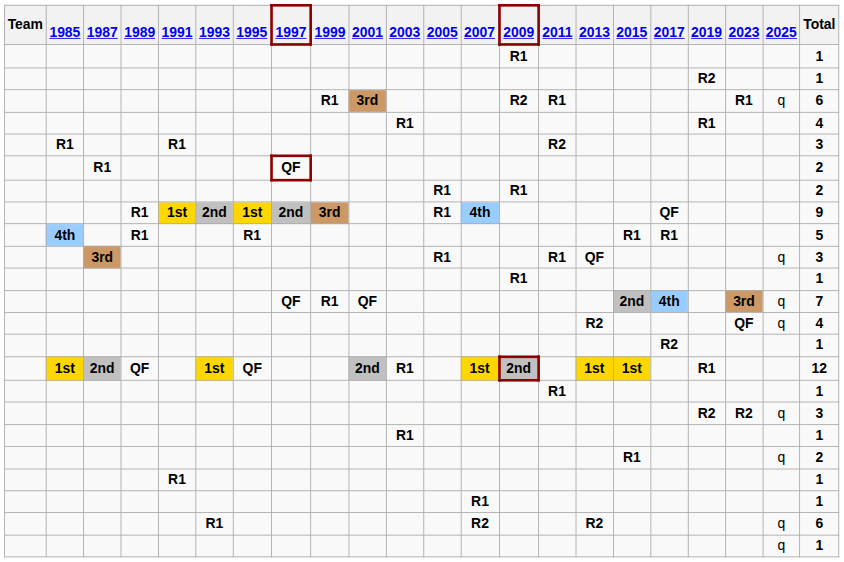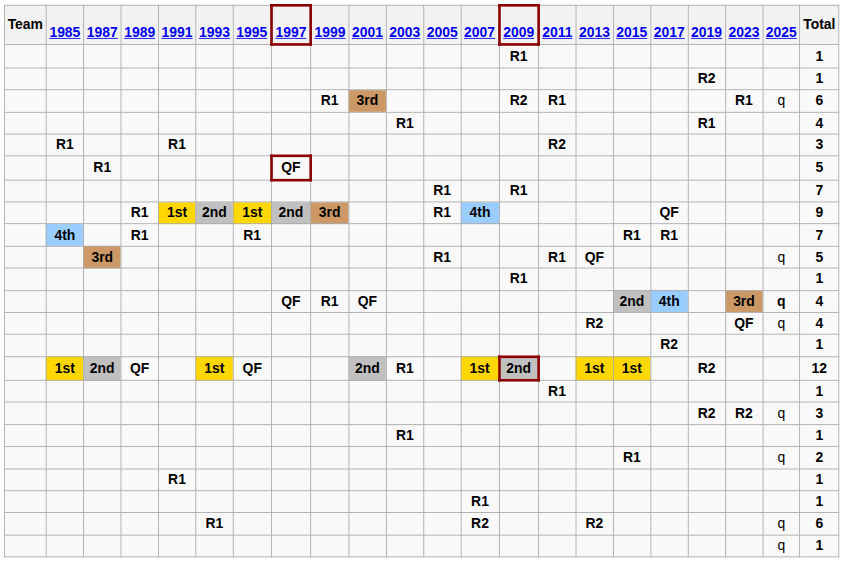 <table class="wikitable" style="text-align:center">
 <tr>
 <th>Team</th>
 <th><br><a href='#'>1985</a></th>
 <th><br><a href='#'>1987</a></th>
 <th><br><a href='#'>1989</a></th>
 <th><br><a href='#'>1991</a></th>
 <th><br><a href='#'>1993</a></th>
 <th><br><a href='#'>1995</a></th>
 <th style="border:3px solid darkred"><br><a href='#'>1997</a></th>
 <th><br><a href='#'>1999</a></th>
 <th><br><a href='#'>2001</a></th>
 <th><br><a href='#'>2003</a></th>
 <th><br><a href='#'>2005</a></th>
 <th><br><a href='#'>2007</a></th>
 <th style="border:3px solid darkred"><br><a href='#'>2009</a></th>
 <th><br><a href='#'>2011</a></th>
 <th><br><a href='#'>2013</a></th>
 <th><br><a href='#'>2015</a></th>
 <th><br><a href='#'>2017</a></th>
 <th><br><a href='#'>2019</a></th>
 <th><br><a href='#'>2023</a></th>
 <th><br><a href='#'>2025</a></th>
 <th>Total</th>
 </tr>
 <tr>
 <td align=left></td>
 <td></td>
 <td></td>
 <td></td>
 <td></td>
 <td></td>
 <td></td>
 <td></td>
 <td></td>
 <td></td>
 <td></td>
 <td></td>
 <td></td>
 <td><strong>R1</strong></td>
 <td></td>
 <td></td>
 <td></td>
 <td></td>
 <td></td>
 <td></td>
 <td></td>
 <td><strong>1</strong></td>
 </tr>
 <tr>
 <td align=left></td>
 <td></td>
 <td></td>
 <td></td>
 <td></td>
 <td></td>
 <td></td>
 <td></td>
 <td></td>
 <td></td>
 <td></td>
 <td></td>
 <td></td>
 <td></td>
 <td></td>
 <td></td>
 <td></td>
 <td></td>
 <td><strong>R2</strong></td>
 <td></td>
 <td></td>
 <td><strong>1</strong></td>
 </tr>
 <tr>
 <td align=left></td>
 <td></td>
 <td></td>
 <td></td>
 <td></td>
 <td></td>
 <td></td>
 <td></td>
 <td><strong>R1</strong></td>
 <td bgcolor=#cc9966><strong>3rd</strong></td>
 <td></td>
 <td></td>
 <td></td>
 <td><strong>R2</strong></td>
 <td><strong>R1</strong></td>
 <td></td>
 <td></td>
 <td></td>
 <td></td>
 <td><strong>R1</strong></td>
 <td>q</td>
 <td><strong>6</strong></td>
 </tr>
 <tr>
 <td align=left></td>
 <td></td>
 <td></td>
 <td></td>
 <td></td>
 <td></td>
 <td></td>
 <td></td>
 <td></td>
 <td></td>
 <td><strong>R1</strong></td>
 <td></td>
 <td></td>
 <td></td>
 <td></td>
 <td></td>
 <td></td>
 <td></td>
 <td><strong>R1</strong></td>
 <td></td>
 <td></td>
 <td><strong>4</strong></td>
 </tr>
 <tr>
 <td align=left></td>
 <td><strong>R1</strong></td>
 <td></td>
 <td></td>
 <td><strong>R1</strong></td>
 <td></td>
 <td></td>
 <td></td>
 <td></td>
 <td></td>
 <td></td>
 <td></td>
 <td></td>
 <td></td>
 <td><strong>R2</strong></td>
 <td></td>
 <td></td>
 <td></td>
 <td></td>
 <td></td>
 <td></td>
 <td><strong>3</strong></td>
 </tr>
 <tr>
 <td align=left></td>
 <td></td>
 <td><strong>R1</strong></td>
 <td></td>
 <td></td>
 <td></td>
 <td></td>
 <td style="border: 3px solid darkred"><strong>QF</strong></td>
 <td></td>
 <td></td>
 <td></td>
 <td></td>
 <td></td>
 <td></td>
 <td></td>
 <td></td>
 <td></td>
 <td></td>
 <td></td>
 <td></td>
 <td></td>
-<td><strong>2</strong></td>
+<td><strong>5</strong></td>
 </tr>
 <tr>
 <td align=left></td>
 <td></td>
 <td></td>
 <td></td>
 <td></td>
 <td></td>
 <td></td>
 <td></td>
 <td></td>
 <td></td>
 <td></td>
 <td><strong>R1</strong></td>
 <td></td>
 <td><strong>R1</strong></td>
 <td></td>
 <td></td>
 <td></td>
 <td></td>
 <td></td>
 <td></td>
 <td></td>
-<td><strong>2</strong></td>
+<td><strong>7</strong></td>
 </tr>
 <tr>
 <td align=left></td>
 <td></td>
 <td></td>
 <td><strong>R1</strong></td>
 <td bgcolor=Gold><strong>1st</strong></td>
 <td bgcolor=Silver><strong>2nd</strong></td>
 <td bgcolor=Gold><strong>1st</strong></td>
 <td bgcolor=Silver><strong>2nd</strong></td>
 <td bgcolor=#cc9966><strong>3rd</strong></td>
 <td></td>
 <td></td>
 <td><strong>R1</strong></td>
 <td bgcolor=#9acdff><strong>4th</strong></td>
 <td></td>
 <td></td>
 <td></td>
 <td></td>
 <td><strong>QF</strong></td>
 <td></td>
 <td></td>
 <td></td>
 <td><strong>9</strong></td>
 </tr>
 <tr>
 <td align=left></td>
 <td bgcolor=#9acdff><strong>4th</strong></td>
 <td></td>
 <td><strong>R1</strong></td>
 <td></td>
 <td></td>
 <td><strong>R1</strong></td>
 <td></td>
 <td></td>
 <td></td>
 <td></td>
 <td></td>
 <td></td>
 <td></td>
 <td></td>
 <td></td>
 <td><strong>R1</strong></td>
 <td><strong>R1</strong></td>
 <td></td>
 <td></td>
 <td></td>
-<td><strong>5</strong></td>
+<td><strong>7</strong></td>
 </tr>
 <tr>
 <td align=left></td>
 <td></td>
 <td bgcolor=#cc9966><strong>3rd</strong></td>
 <td></td>
 <td></td>
 <td></td>
 <td></td>
 <td></td>
 <td></td>
 <td></td>
 <td></td>
 <td><strong>R1</strong></td>
 <td></td>
 <td></td>
 <td><strong>R1</strong></td>
 <td><strong>QF</strong></td>
 <td></td>
 <td></td>
 <td></td>
 <td></td>
 <td>q</td>
-<td><strong>3</strong></td>
+<td><strong>5</strong></td>
 </tr>
 <tr>
 <td align=left></td>
 <td></td>
 <td></td>
 <td></td>
 <td></td>
 <td></td>
 <td></td>
 <td></td>
 <td></td>
 <td></td>
 <td></td>
 <td></td>
 <td></td>
 <td><strong>R1</strong></td>
 <td></td>
 <td></td>
 <td></td>
 <td></td>
 <td></td>
 <td></td>
 <td></td>
 <td><strong>1</strong></td>
 </tr>
 <tr>
 <td align=left></td>
 <td></td>
 <td></td>
 <td></td>
 <td></td>
 <td></td>
 <td></td>
 <td><strong>QF</strong></td>
 <td><strong>R1</strong></td>
 <td><strong>QF</strong></td>
 <td></td>
 <td></td>
 <td></td>
 <td></td>
 <td></td>
 <td></td>
 <td bgcolor=Silver><strong>2nd</strong></td>
 <td bgcolor=#9acdff><strong>4th</strong></td>
 <td></td>
 <td bgcolor=#cc9966><strong>3rd</strong></td>
-<td>q</td>
-<td><strong>7</strong></td>
+<td><strong>q</strong></td>
+<td><strong>4</strong></td>
 </tr>
 <tr>
 <td align=left></td>
 <td></td>
 <td></td>
 <td></td>
 <td></td>
 <td></td>
 <td></td>
 <td></td>
 <td></td>
 <td></td>
 <td></td>
 <td></td>
 <td></td>
 <td></td>
 <td></td>
 <td><strong>R2</strong></td>
 <td></td>
 <td></td>
 <td></td>
 <td><strong>QF</strong></td>
 <td>q</td>
 <td><strong>4</strong></td>
 </tr>
 <tr>
 <td align=left></td>
 <td></td>
 <td></td>
 <td></td>
 <td></td>
 <td></td>
 <td></td>
 <td></td>
 <td></td>
 <td></td>
 <td></td>
 <td></td>
 <td></td>
 <td></td>
 <td></td>
 <td></td>
 <td></td>
 <td><strong>R2</strong></td>
 <td></td>
 <td></td>
 <td></td>
 <td><strong>1</strong></td>
 </tr>
 <tr>
 <td align=left></td>
 <td bgcolor=Gold><strong>1st</strong></td>
 <td bgcolor=Silver><strong>2nd</strong></td>
 <td><strong>QF</strong></td>
 <td></td>
 <td bgcolor=Gold><strong>1st</strong></td>
 <td><strong>QF</strong></td>
 <td></td>
 <td></td>
 <td bgcolor=Silver><strong>2nd</strong></td>
 <td><strong>R1</strong></td>
 <td></td>
 <td bgcolor=Gold><strong>1st</strong></td>
 <td style="border: 3px solid darkred" bgcolor=Silver><strong>2nd</strong></td>
 <td></td>
 <td bgcolor=Gold><strong>1st</strong></td>
 <td bgcolor=Gold><strong>1st</strong></td>
 <td></td>
-<td><strong>R1</strong></td>
+<td><strong>R2</strong></td>
 <td></td>
 <td></td>
 <td><strong>12</strong></td>
 </tr>
 <tr>
 <td align=left></td>
 <td></td>
 <td></td>
 <td></td>
 <td></td>
 <td></td>
 <td></td>
 <td></td>
 <td></td>
 <td></td>
 <td></td>
 <td></td>
 <td></td>
 <td></td>
 <td><strong>R1</strong></td>
 <td></td>
 <td></td>
 <td></td>
 <td></td>
 <td></td>
 <td></td>
 <td><strong>1</strong></td>
 </tr>
 <tr>
 <td align=left></td>
 <td></td>
 <td></td>
 <td></td>
 <td></td>
 <td></td>
 <td></td>
 <td></td>
 <td></td>
 <td></td>
 <td></td>
 <td></td>
 <td></td>
 <td></td>
 <td></td>
 <td></td>
 <td></td>
 <td></td>
 <td><strong>R2</strong></td>
 <td><strong>R2</strong></td>
 <td>q</td>
 <td><strong>3</strong></td>
 </tr>
 <tr>
 <td align=left></td>
 <td></td>
 <td></td>
 <td></td>
 <td></td>
 <td></td>
 <td></td>
 <td></td>
 <td></td>
 <td></td>
 <td><strong>R1</strong></td>
 <td></td>
 <td></td>
 <td></td>
 <td></td>
 <td></td>
 <td></td>
 <td></td>
 <td></td>
 <td></td>
 <td></td>
 <td><strong>1</strong></td>
 </tr>
 <tr>
 <td align=left></td>
 <td></td>
 <td></td>
 <td></td>
 <td></td>
 <td></td>
 <td></td>
 <td></td>
 <td></td>
 <td></td>
 <td></td>
 <td></td>
 <td></td>
 <td></td>
 <td></td>
 <td></td>
 <td><strong>R1</strong></td>
 <td></td>
 <td></td>
 <td></td>
 <td>q</td>
 <td><strong>2</strong></td>
 </tr>
 <tr>
 <td align=left></td>
 <td></td>
 <td></td>
 <td></td>
 <td><strong>R1</strong></td>
 <td></td>
 <td></td>
 <td></td>
 <td></td>
 <td></td>
 <td></td>
 <td></td>
 <td></td>
 <td></td>
 <td></td>
 <td></td>
 <td></td>
 <td></td>
 <td></td>
 <td></td>
 <td></td>
 <td><strong>1</strong></td>
 </tr>
 <tr>
 <td align=left></td>
 <td></td>
 <td></td>
 <td></td>
 <td></td>
 <td></td>
 <td></td>
 <td></td>
 <td></td>
 <td></td>
 <td></td>
 <td></td>
 <td><strong>R1</strong></td>
 <td></td>
 <td></td>
 <td></td>
 <td></td>
 <td></td>
 <td></td>
 <td></td>
 <td></td>
 <td><strong>1</strong></td>
 </tr>
 <tr>
 <td align=left></td>
 <td></td>
 <td></td>
 <td></td>
 <td></td>
 <td><strong>R1</strong></td>
 <td></td>
 <td></td>
 <td></td>
 <td></td>
 <td></td>
 <td></td>
 <td><strong>R2</strong></td>
 <td></td>
 <td></td>
 <td><strong>R2</strong></td>
 <td></td>
 <td></td>
 <td></td>
 <td></td>
 <td>q</td>
 <td><strong>6</strong></td>
 </tr>
 <tr>
 <td align=left></td>
 <td></td>
 <td></td>
 <td></td>
 <td></td>
 <td></td>
 <td></td>
 <td></td>
 <td></td>
 <td></td>
 <td></td>
 <td></td>
 <td></td>
 <td></td>
 <td></td>
 <td></td>
 <td></td>
 <td></td>
 <td></td>
 <td></td>
 <td>q</td>
 <td><strong>1</strong></td>
 </tr>
 </table>
